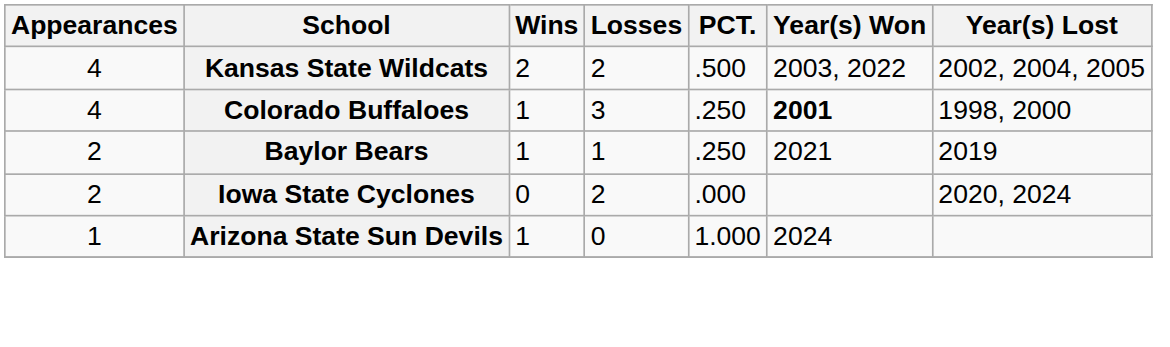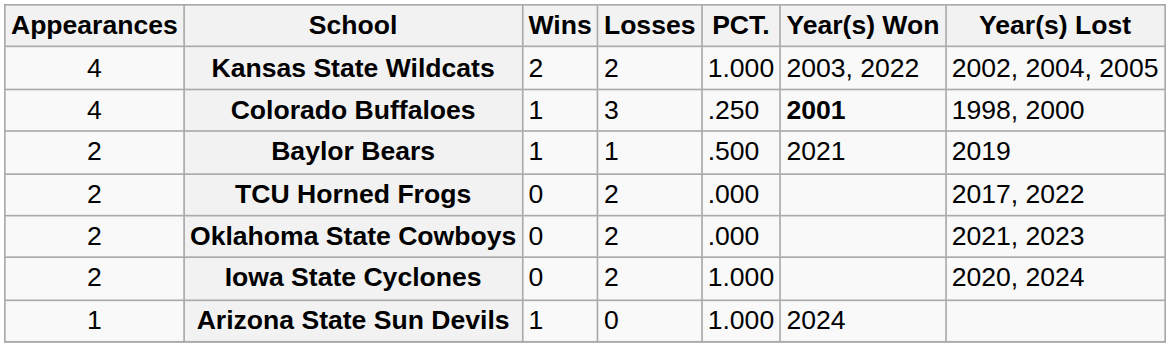 <table class="wikitable sortable">
 <tr>
 <th>Appearances</th>
 <th>School</th>
 <th>Wins</th>
 <th>Losses</th>
 <th>PCT.</th>
 <th>Year(s) Won</th>
 <th>Year(s) Lost</th>
 </tr>
 <tr>
 <td align=center>4</td>
 <th>Kansas State Wildcats</th>
 <td>2</td>
 <td>2</td>
-<td>.500</td>
+<td>1.000</td>
 <td>2003, 2022</td>
 <td>2002, 2004, 2005</td>
 </tr>
 <tr>
 <td align=center>4</td>
 <th>Colorado Buffaloes</th>
 <td>1</td>
 <td>3</td>
 <td>.250</td>
 <td><strong>2001</strong></td>
 <td>1998, 2000</td>
 </tr>
 <tr>
 <td align=center>2</td>
 <th>Baylor Bears</th>
 <td>1</td>
 <td>1</td>
-<td>.250</td>
+<td>.500</td>
 <td>2021</td>
 <td>2019</td>
+</tr>
+<tr>
+<td align=center>2</td>
+<th>TCU Horned Frogs</th>
+<td>0</td>
+<td>2</td>
+<td>.000</td>
+<td></td>
+<td>2017, 2022</td>
+</tr>
+<tr>
+<td align=center>2</td>
+<th>Oklahoma State Cowboys</th>
+<td>0</td>
+<td>2</td>
+<td>.000</td>
+<td></td>
+<td>2021, 2023</td>
 </tr>
 <tr>
 <td align=center>2</td>
 <th>Iowa State Cyclones</th>
 <td>0</td>
 <td>2</td>
-<td>.000</td>
+<td>1.000</td>
 <td></td>
 <td>2020, 2024</td>
 </tr>
 <tr>
 <td align=center>1</td>
 <th>Arizona State Sun Devils</th>
 <td>1</td>
 <td>0</td>
 <td>1.000</td>
 <td>2024</td>
 <td></td>
 </tr>
 <tr>
 </tr>
 </table>
